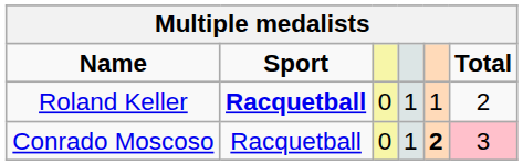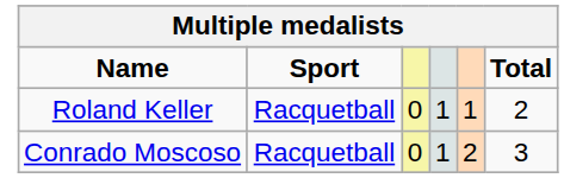 <table class="wikitable" style="font-size:85%; float:right">
 <tr style="background:#efefef;">
 <th colspan=7><strong>Multiple medalists</strong></th>
 </tr>
 <tr align=center>
 <td><strong>Name</strong></td>
 <td><strong>Sport</strong></td>
 <td style="background:#f7f6a8;"></td>
 <td style="background:#dce5e5;"></td>
 <td style="background:#ffdab9;"></td>
 <td><strong>Total</strong></td>
 </tr>
 <tr align=center>
 <td><a href='#'>Roland Keller</a></td>
-<td><strong><a href='#'>Racquetball</a></strong></td>
+<td><a href='#'>Racquetball</a></td>
 <td style="background:#f7f6a8;">0</td>
 <td style="background:#dce5e5;">1</td>
 <td style="background:#ffdab9;">1</td>
 <td>2</td>
 </tr>
 <tr align=center>
 <td><a href='#'>Conrado Moscoso</a></td>
 <td><a href='#'>Racquetball</a></td>
 <td style="background:#f7f6a8;">0</td>
 <td style="background:#dce5e5;">1</td>
-<td style="background:#ffdab9;"><strong>2</strong></td>
-<td style="background: pink;">3</td>
+<td style="background:#ffdab9;">2</td>
+<td>3</td>
 </tr>
 </table>
